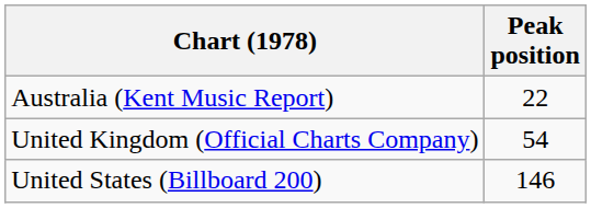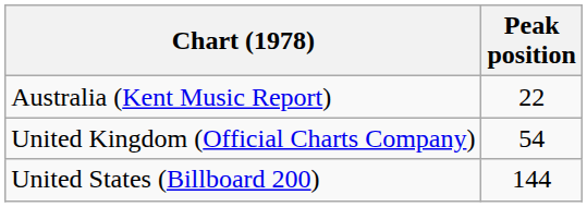 <table class="wikitable">
 <tr>
 <th scope="col">Chart (1978)</th>
 <th>Peak<br>position</th>
 </tr>
 <tr>
 <td>Australia (<a href='#'>Kent Music Report</a>)</td>
 <td style="text-align:center;">22</td>
 </tr>
 <tr>
 <td>United Kingdom (<a href='#'>Official Charts Company</a>)</td>
 <td style="text-align:center;">54</td>
 </tr>
 <tr>
 <td>United States (<a href='#'>Billboard 200</a>)</td>
-<td style="text-align:center;">146</td>
+<td style="text-align:center;">144</td>
 </tr>
 </table>
